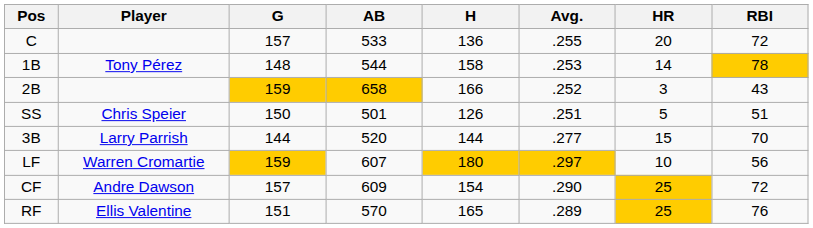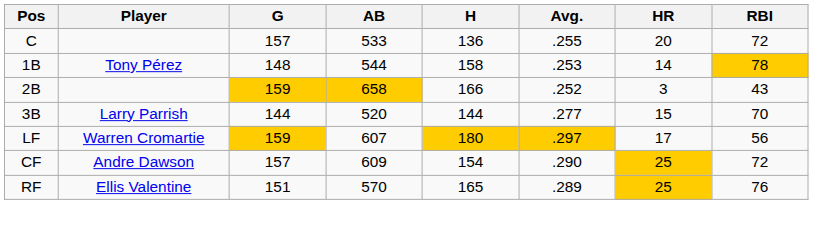 <table class="wikitable sortable">
 <tr>
 <th bgcolor="#DDDDFF" width="5%">Pos</th>
 <th bgcolor="#DDDDFF" width="16%">Player</th>
 <th bgcolor="#DDDDFF" width="9%">G</th>
 <th bgcolor="#DDDDFF" width="9%">AB</th>
 <th bgcolor="#DDDDFF" width="9%">H</th>
 <th bgcolor="#DDDDFF" width="9%">Avg.</th>
 <th bgcolor="#DDDDFF" width="9%">HR</th>
 <th bgcolor="#DDDDFF" width="9%">RBI</th>
 </tr>
 <tr align="center">
 <td>C</td>
 <td></td>
 <td>157</td>
 <td>533</td>
 <td>136</td>
 <td>.255</td>
 <td>20</td>
 <td>72</td>
 </tr>
 <tr align="center">
 <td>1B</td>
 <td><a href='#'>Tony Pérez</a></td>
 <td>148</td>
 <td>544</td>
 <td>158</td>
 <td>.253</td>
 <td>14</td>
 <td style="background:#fc0;">78</td>
 </tr>
 <tr align=center>
 <td>2B</td>
 <td></td>
 <td style="background:#fc0;">159</td>
 <td style="background:#fc0;">658</td>
 <td>166</td>
 <td>.252</td>
 <td>3</td>
 <td>43</td>
 </tr>
-<tr align="center">
-<td>SS</td>
-<td><a href='#'>Chris Speier</a></td>
-<td>150</td>
-<td>501</td>
-<td>126</td>
-<td>.251</td>
-<td>5</td>
-<td>51</td>
-</tr>
 <tr align=center>
 <td>3B</td>
 <td><a href='#'>Larry Parrish</a></td>
 <td>144</td>
 <td>520</td>
 <td>144</td>
 <td>.277</td>
 <td>15</td>
 <td>70</td>
 </tr>
 <tr align=center>
 <td>LF</td>
 <td><a href='#'>Warren Cromartie</a></td>
 <td style="background:#fc0;">159</td>
 <td>607</td>
 <td style="background:#fc0;">180</td>
 <td style="background:#fc0;">.297</td>
-<td>10</td>
+<td>17</td>
 <td>56</td>
 </tr>
 <tr align=center>
 <td>CF</td>
 <td><a href='#'>Andre Dawson</a></td>
 <td>157</td>
 <td>609</td>
 <td>154</td>
 <td>.290</td>
 <td style="background:#fc0;">25</td>
 <td>72</td>
 </tr>
 <tr align=center>
 <td>RF</td>
 <td><a href='#'>Ellis Valentine</a></td>
 <td>151</td>
 <td>570</td>
 <td>165</td>
 <td>.289</td>
 <td style="background:#fc0;">25</td>
 <td>76</td>
 </tr>
 </table>
